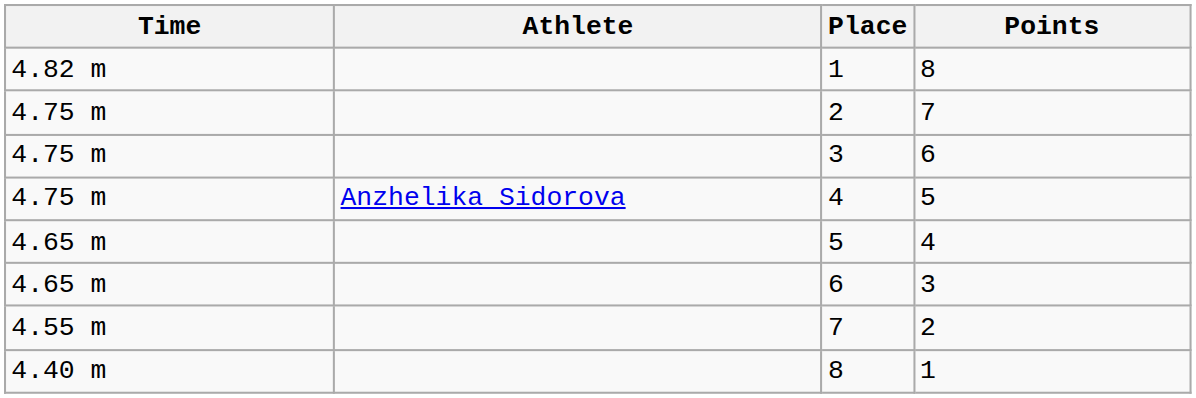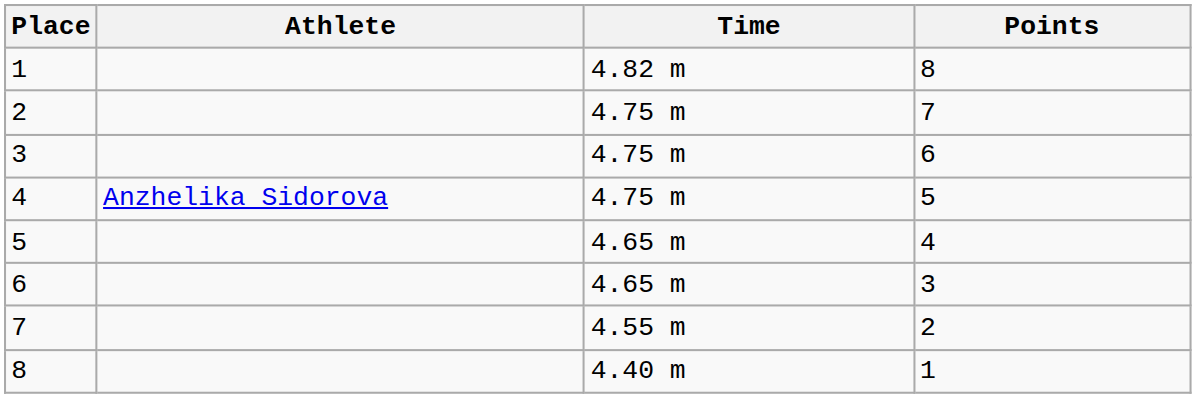 <table class=wikitable>
 <tr>
+<th>Place</th>
+<th style="width:18em">Athlete</th>
 <th style="width:12em">Time</th>
-<th style="width:18em">Athlete</th>
-<th>Place</th>
 <th style="width:10em">Points</th>
 </tr>
 <tr>
+<td>1</td>
+<td></td>
 <td>4.82 m </td>
-<td></td>
-<td>1</td>
 <td>8</td>
 </tr>
 <tr>
+<td>2</td>
+<td></td>
 <td>4.75 m</td>
-<td></td>
-<td>2</td>
 <td>7</td>
 </tr>
 <tr>
+<td>3</td>
+<td></td>
 <td>4.75 m</td>
-<td></td>
-<td>3</td>
 <td>6</td>
 </tr>
 <tr>
+<td>4</td>
+<td align=left> <a href='#'>Anzhelika Sidorova</a></td>
 <td>4.75 m</td>
-<td align=left> <a href='#'>Anzhelika Sidorova</a></td>
-<td>4</td>
 <td>5</td>
 </tr>
 <tr>
+<td>5</td>
+<td></td>
 <td>4.65 m</td>
-<td></td>
-<td>5</td>
 <td>4</td>
 </tr>
 <tr>
+<td>6</td>
+<td></td>
 <td>4.65 m</td>
-<td></td>
-<td>6</td>
 <td>3</td>
 </tr>
 <tr>
+<td>7</td>
+<td></td>
 <td>4.55 m</td>
-<td></td>
-<td>7</td>
 <td>2</td>
 </tr>
 <tr>
+<td>8</td>
+<td></td>
 <td>4.40 m</td>
-<td></td>
-<td>8</td>
 <td>1</td>
 </tr>
 </table>
